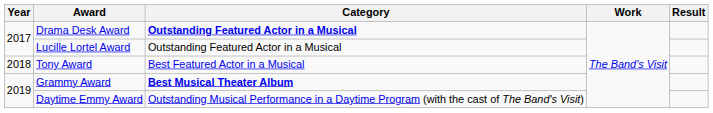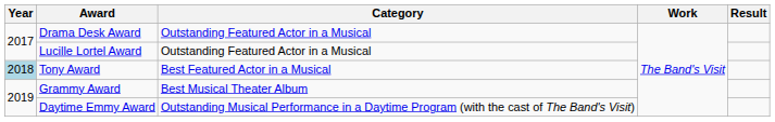 <table class="wikitable">
 <tr>
 <th>Year</th>
 <th>Award</th>
 <th>Category</th>
 <th>Work</th>
 <th>Result</th>
 </tr>
 <tr>
 <td rowspan="2">2017</td>
 <td><a href='#'>Drama Desk Award</a></td>
-<td><strong><a href='#'>Outstanding Featured Actor in a Musical</a></strong></td>
+<td><a href='#'>Outstanding Featured Actor in a Musical</a></td>
 <td rowspan="5"><em><a href='#'>The Band's Visit</a></em></td>
 <td></td>
 </tr>
 <tr>
 <td><a href='#'>Lucille Lortel Award</a></td>
 <td>Outstanding Featured Actor in a Musical</td>
 <td></td>
 </tr>
 <tr>
-<td>2018</td>
+<td style="background: lightblue;">2018</td>
 <td><a href='#'>Tony Award</a></td>
 <td><a href='#'>Best Featured Actor in a Musical</a></td>
 <td></td>
 </tr>
 <tr>
 <td rowspan="2">2019</td>
 <td><a href='#'>Grammy Award</a></td>
-<td><strong><a href='#'>Best Musical Theater Album</a></strong></td>
+<td><a href='#'>Best Musical Theater Album</a></td>
 <td></td>
 </tr>
 <tr>
 <td><a href='#'>Daytime Emmy Award</a></td>
 <td><a href='#'>Outstanding Musical Performance in a Daytime Program</a> (with the cast of <em>The Band's Visit</em>)</td>
 <td></td>
 </tr>
 </table>
